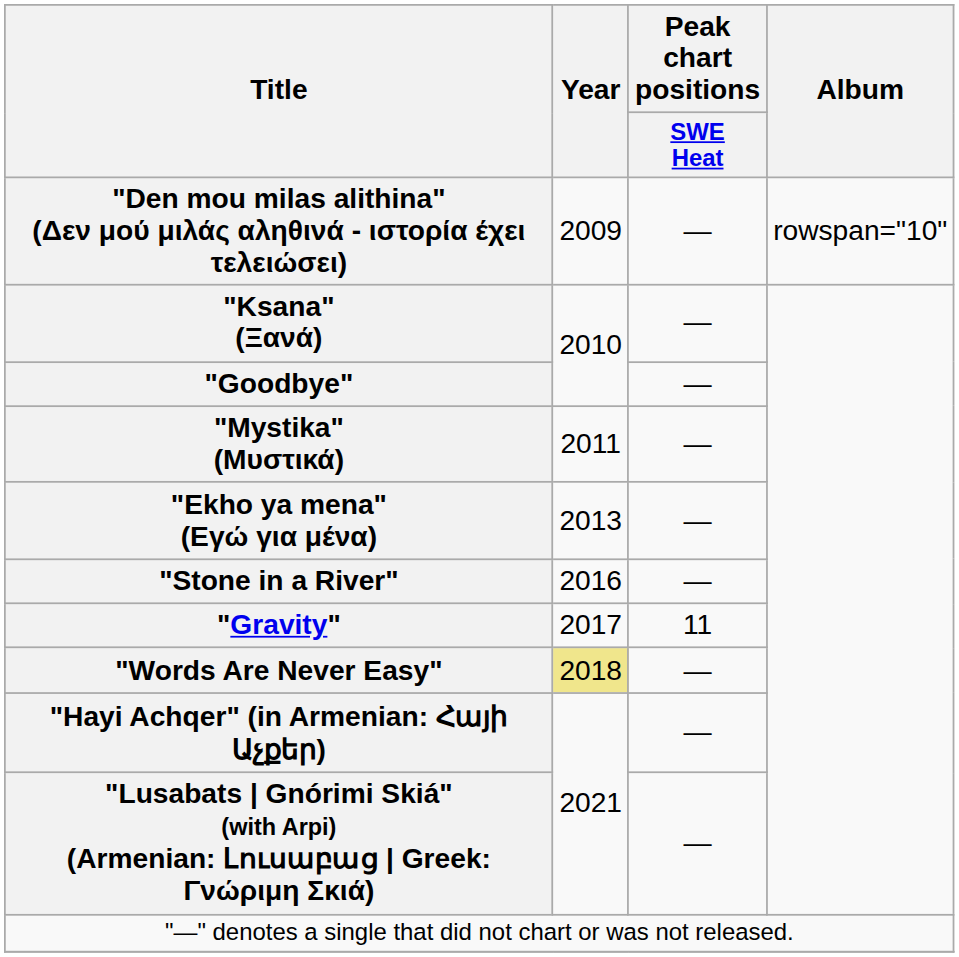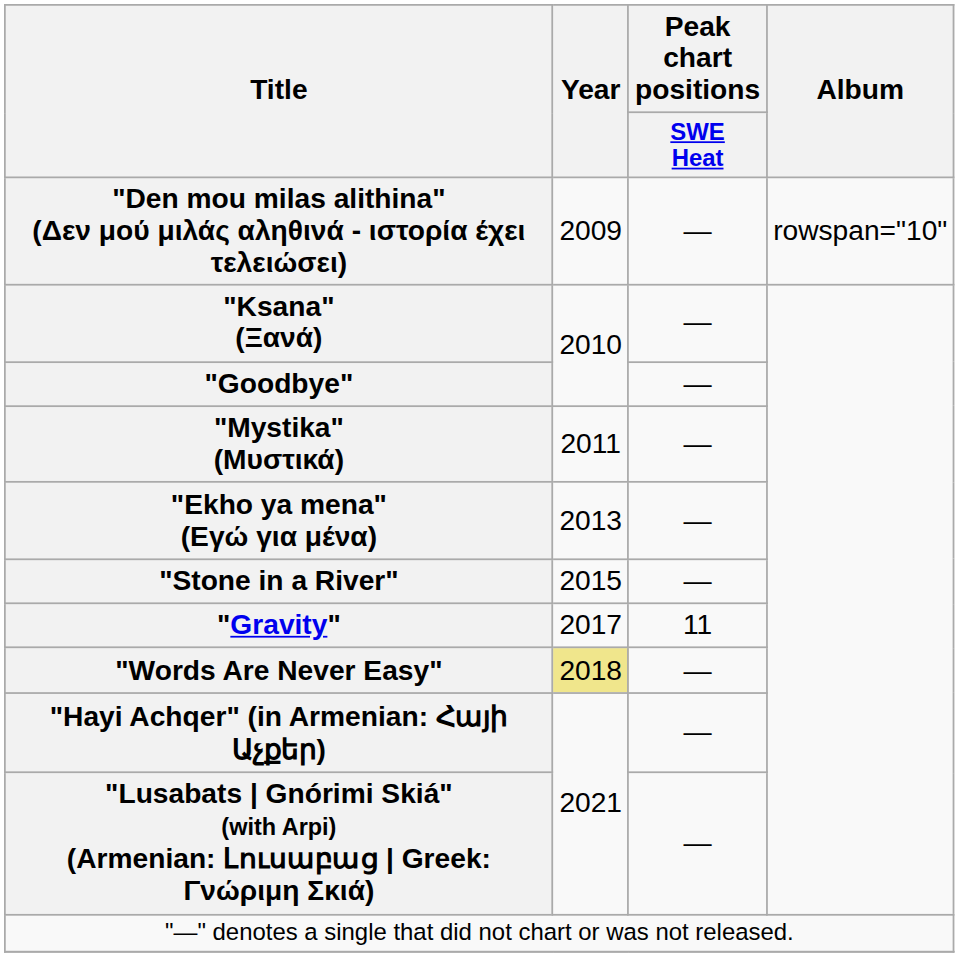 <table class="wikitable plainrowheaders" style="text-align:center;">
 <tr>
 <th scope="col" rowspan="2" style="width:19em;">Title</th>
 <th scope="col" rowspan="2" style="width:1em;">Year</th>
 <th scope="col" colspan="1">Peak chart positions</th>
 <th scope="col" rowspan="2">Album</th>
 </tr>
 <tr>
 <th scope="col" style="width:3em;font-size:85%;"><a href='#'>SWE<br>Heat</a><br></th>
 </tr>
 <tr>
 <th scope="row">"Den mou milas alithina"<br><span>(Δεν μού μιλάς αληθινά - ιστορία έχει τελειώσει)</span></th>
 <td>2009</td>
 <td>—</td>
 <td>rowspan="10" </td>
 </tr>
 <tr>
 <th scope="row">"Ksana"<br><span>(Ξανά)</span></th>
 <td rowspan="2">2010</td>
 <td>—</td>
 </tr>
 <tr>
 <th scope="row">"Goodbye"</th>
 <td>—</td>
 </tr>
 <tr>
 <th scope="row">"Mystika"<br><span>(Μυστικά)</span></th>
 <td>2011</td>
 <td>—</td>
 </tr>
 <tr>
 <th scope="row">"Ekho ya mena"<br><span>(Εγώ για μένα)</span></th>
 <td>2013</td>
 <td>—</td>
 </tr>
 <tr>
 <th scope="row">"Stone in a River"</th>
-<td>2016</td>
+<td>2015</td>
 <td>—</td>
 </tr>
 <tr>
 <th scope="row">"<a href='#'>Gravity</a>"</th>
 <td>2017</td>
 <td>11</td>
 </tr>
 <tr>
 <th scope="row">"Words Are Never Easy"</th>
 <td style="background: khaki;">2018</td>
 <td>—</td>
 </tr>
 <tr>
 <th scope="row">"Hayi Achqer" (in Armenian: Հայի Աչքեր)</th>
 <td rowspan=2>2021</td>
 <td>—</td>
 </tr>
 <tr>
 <th scope="row">"Lusabats | Gnórimi Skiá" <br><small>(with Arpi)</small><br>(Armenian: Լուսաբաց | Greek: Γνώριμη Σκιά)</th>
 <td>—</td>
 </tr>
 <tr>
 <td style="text-align:center; font-size:85%;" colspan="22">"—" denotes a single that did not chart or was not released.</td>
 </tr>
 <tr>
 </tr>
 </table>
